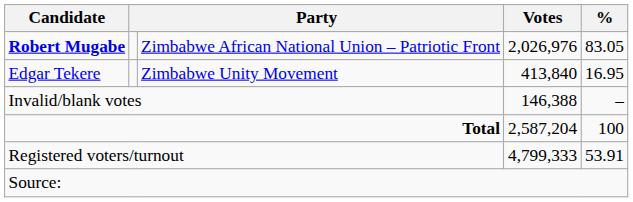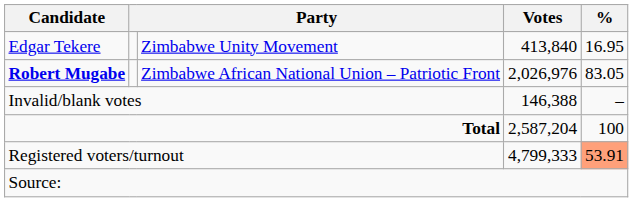 <table class="wikitable" style="text-align:right">
 <tr>
 <th>Candidate</th>
 <th colspan="2">Party</th>
 <th>Votes</th>
 <th>%</th>
 </tr>
 <tr>
+<td align="left"><a href='#'>Edgar Tekere</a></td>
+<td style="background-color: "></td>
+<td align="left"><a href='#'>Zimbabwe Unity Movement</a></td>
+<td>413,840</td>
+<td>16.95</td>
+</tr>
+<tr>
 <td align="left"><strong><a href='#'>Robert Mugabe</a></strong></td>
 <td style="background-color: "></td>
 <td align="left"><a href='#'>Zimbabwe African National Union – Patriotic Front</a></td>
 <td>2,026,976</td>
 <td>83.05</td>
-</tr>
-<tr>
-<td align="left"><a href='#'>Edgar Tekere</a></td>
-<td style="background-color: "></td>
-<td align="left"><a href='#'>Zimbabwe Unity Movement</a></td>
-<td>413,840</td>
-<td>16.95</td>
 </tr>
 <tr>
 <td colspan="3" align="left">Invalid/blank votes</td>
 <td>146,388</td>
 <td>–</td>
 </tr>
 <tr>
 <td colspan="3" style="text-align:right"><strong>Total</strong></td>
 <td>2,587,204</td>
 <td>100</td>
 </tr>
 <tr>
 <td colspan="3" align="left">Registered voters/turnout</td>
 <td>4,799,333</td>
-<td>53.91</td>
+<td style="background: lightsalmon;">53.91</td>
 </tr>
 <tr>
 <td colspan="5" align="left">Source: </td>
 </tr>
 </table>
